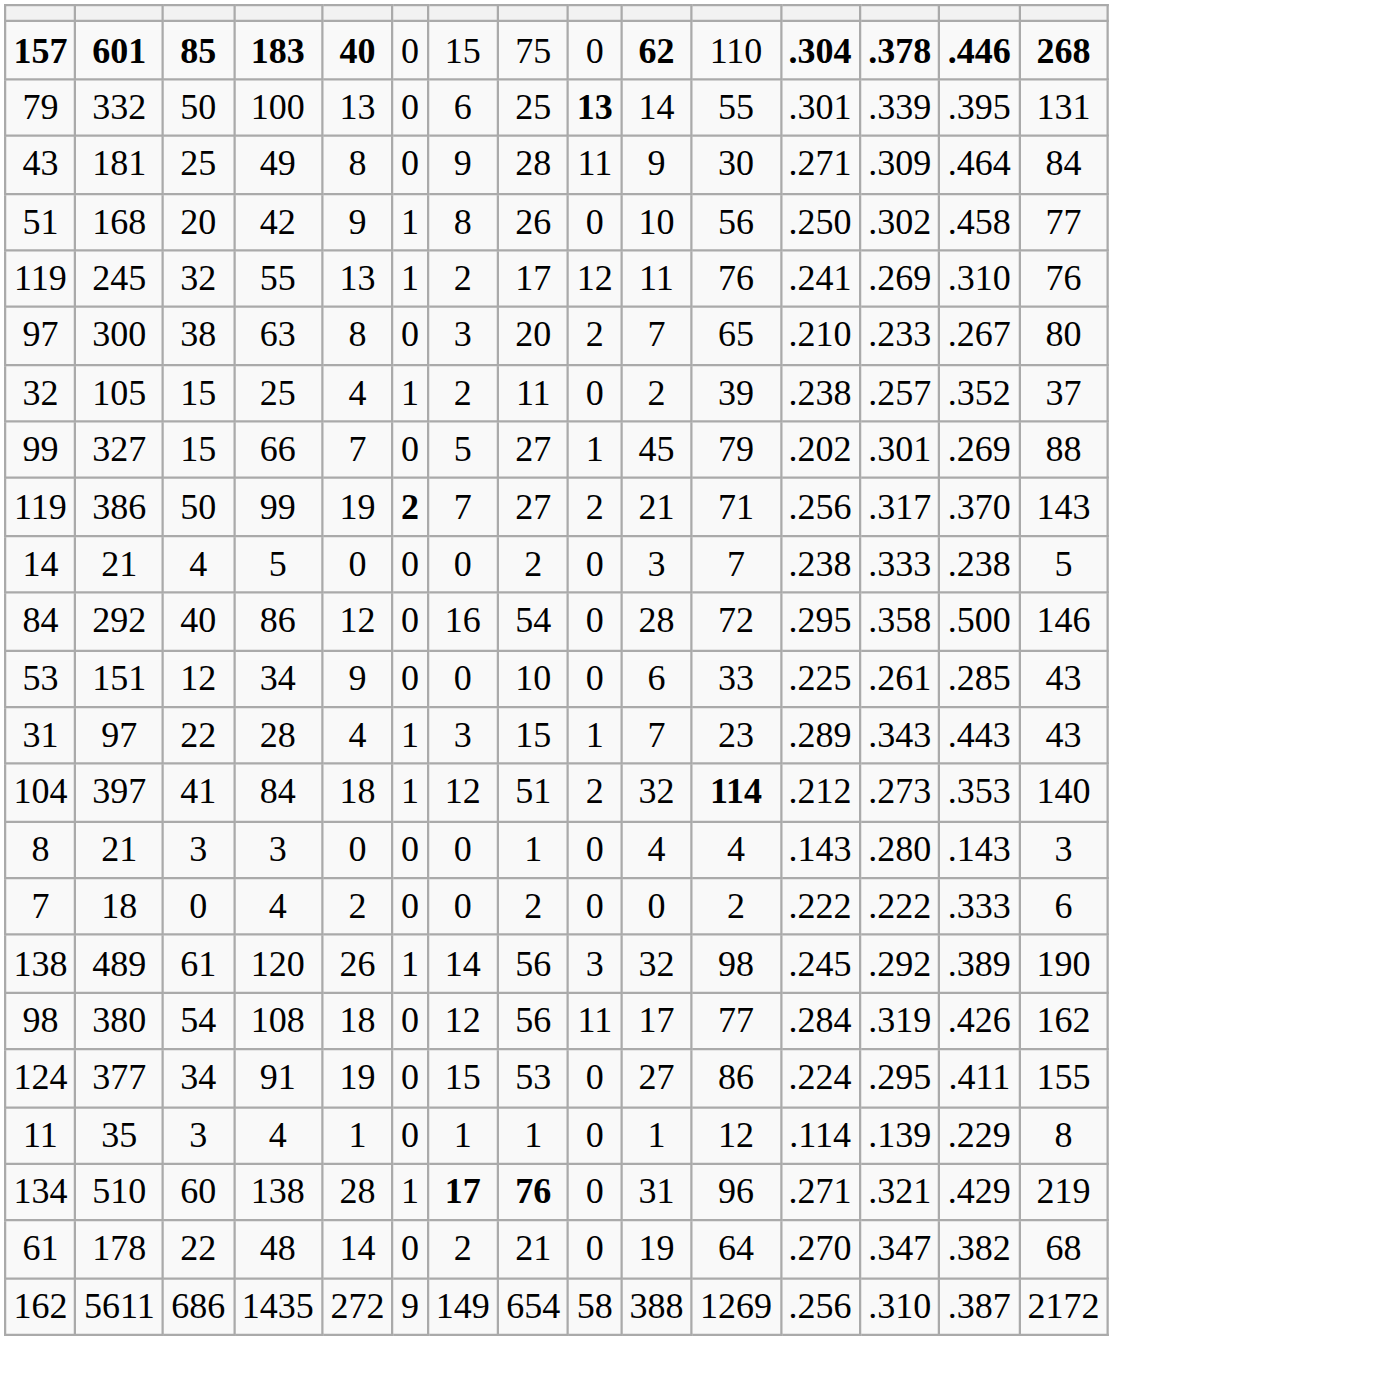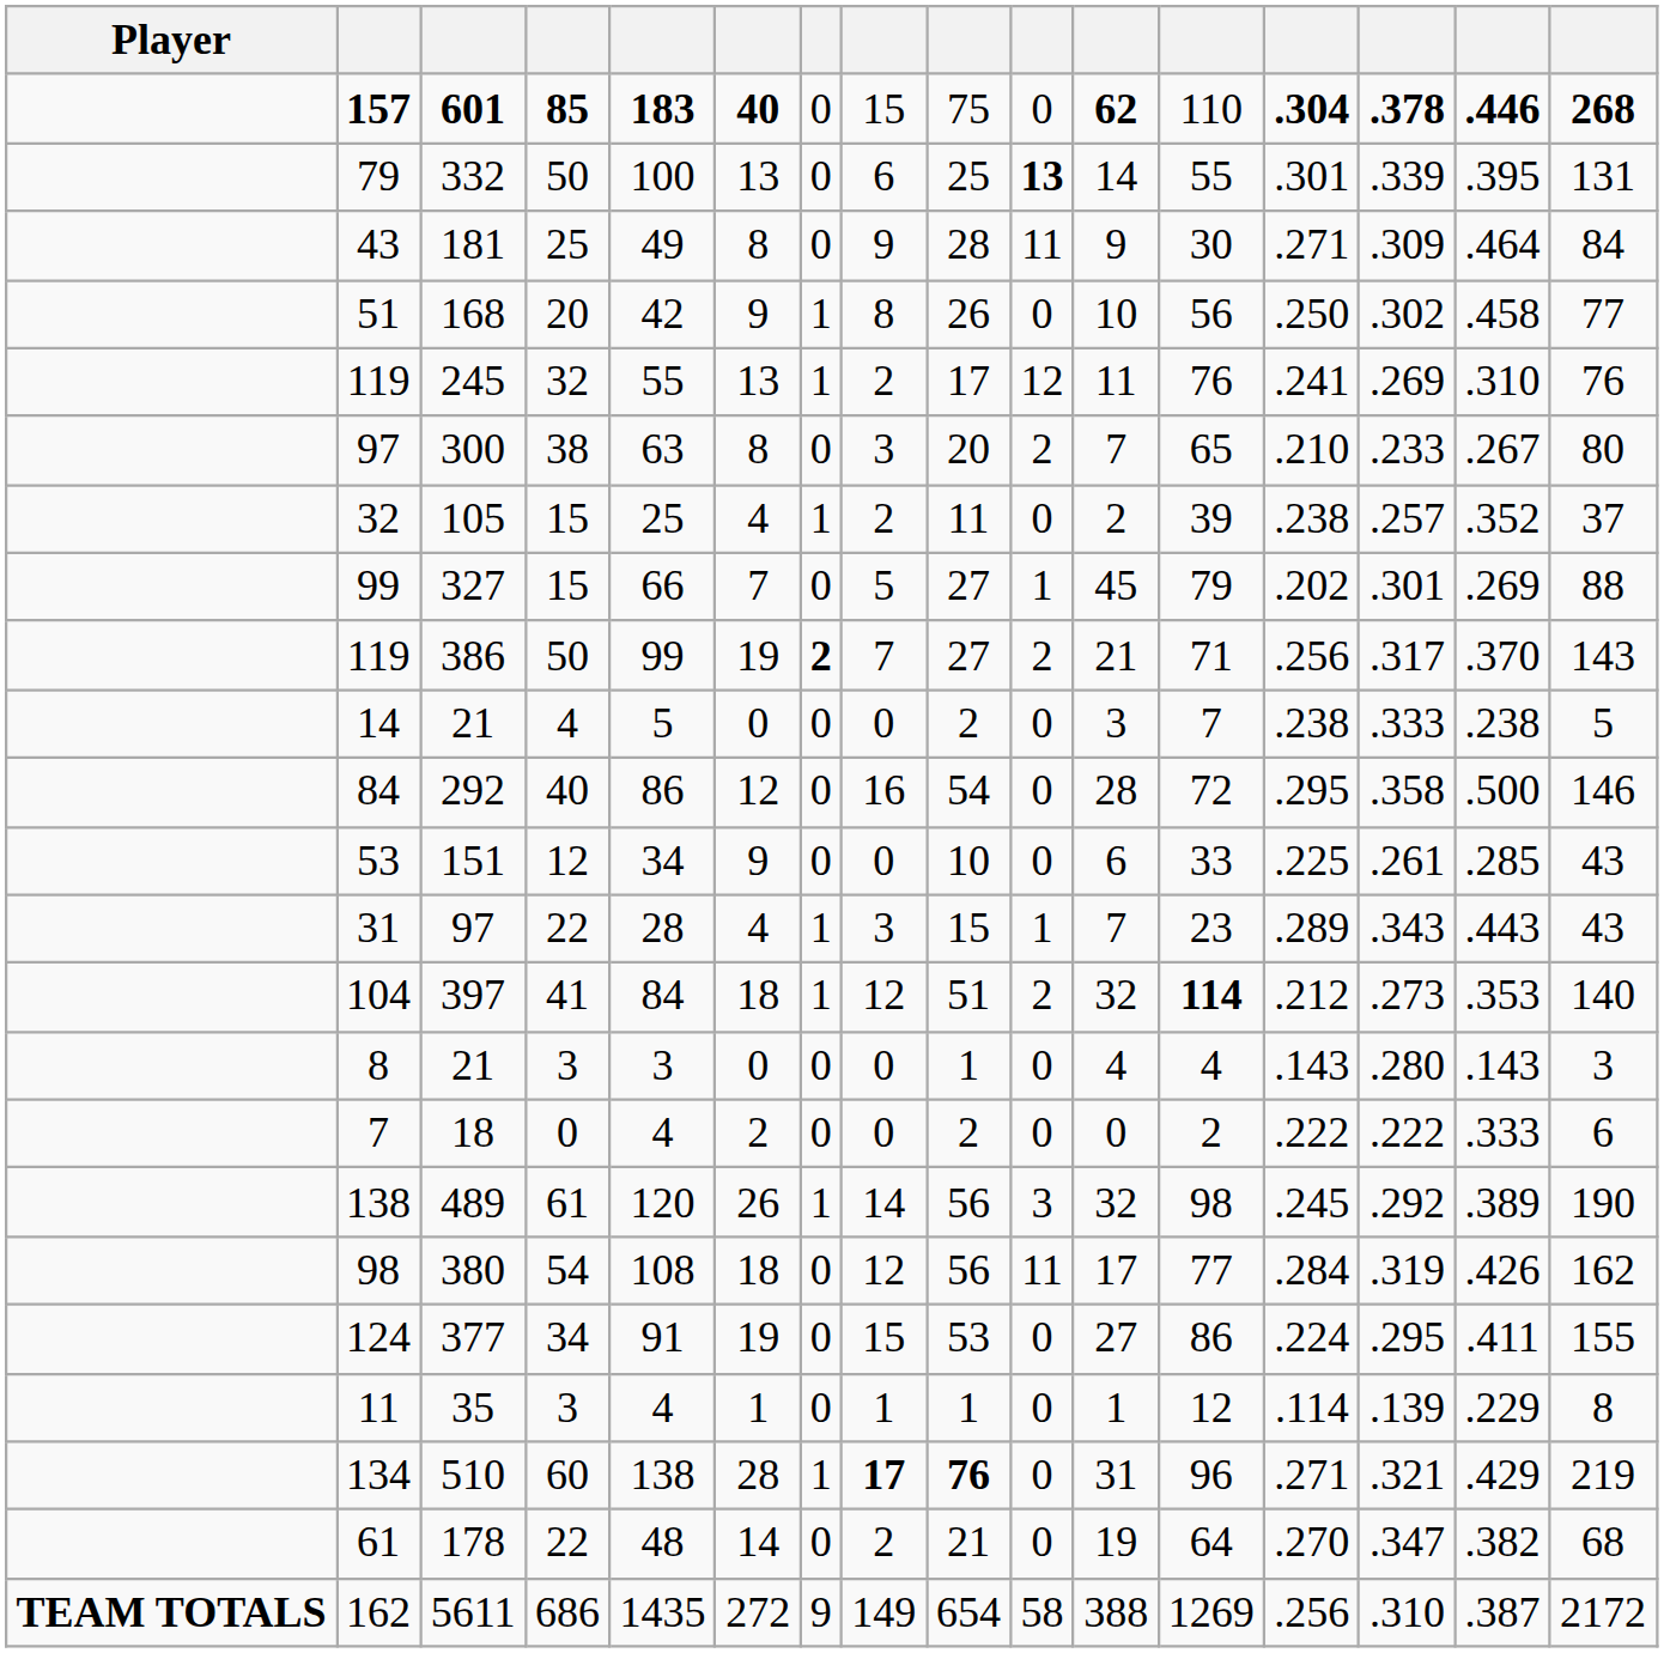 <table class="wikitable sortable" style="text-align:center;">
 <tr>
+<th>Player</th>
 <th></th>
 <th></th>
 <th></th>
 <th></th>
 <th></th>
 <th></th>
 <th></th>
 <th></th>
 <th></th>
 <th></th>
 <th></th>
 <th></th>
 <th></th>
 <th></th>
 <th></th>
 </tr>
 <tr>
+<td align=left></td>
 <td><strong>157</strong></td>
 <td><strong>601</strong></td>
 <td><strong>85</strong></td>
 <td><strong>183</strong></td>
 <td><strong>40</strong></td>
 <td>0</td>
 <td>15</td>
 <td>75</td>
 <td>0</td>
 <td><strong>62</strong></td>
 <td>110</td>
 <td><strong>.304</strong></td>
 <td><strong>.378</strong></td>
 <td><strong>.446</strong></td>
 <td><strong>268</strong></td>
 </tr>
 <tr>
+<td align=left></td>
 <td>79</td>
 <td>332</td>
 <td>50</td>
 <td>100</td>
 <td>13</td>
 <td>0</td>
 <td>6</td>
 <td>25</td>
 <td><strong>13</strong></td>
 <td>14</td>
 <td>55</td>
 <td>.301</td>
 <td>.339</td>
 <td>.395</td>
 <td>131</td>
 </tr>
 <tr>
+<td align=left></td>
 <td>43</td>
 <td>181</td>
 <td>25</td>
 <td>49</td>
 <td>8</td>
 <td>0</td>
 <td>9</td>
 <td>28</td>
 <td>11</td>
 <td>9</td>
 <td>30</td>
 <td>.271</td>
 <td>.309</td>
 <td>.464</td>
 <td>84</td>
 </tr>
 <tr>
+<td align=left></td>
 <td>51</td>
 <td>168</td>
 <td>20</td>
 <td>42</td>
 <td>9</td>
 <td>1</td>
 <td>8</td>
 <td>26</td>
 <td>0</td>
 <td>10</td>
 <td>56</td>
 <td>.250</td>
 <td>.302</td>
 <td>.458</td>
 <td>77</td>
 </tr>
 <tr>
+<td align=left></td>
 <td>119</td>
 <td>245</td>
 <td>32</td>
 <td>55</td>
 <td>13</td>
 <td>1</td>
 <td>2</td>
 <td>17</td>
 <td>12</td>
 <td>11</td>
 <td>76</td>
 <td>.241</td>
 <td>.269</td>
 <td>.310</td>
 <td>76</td>
 </tr>
 <tr>
+<td align=left></td>
 <td>97</td>
 <td>300</td>
 <td>38</td>
 <td>63</td>
 <td>8</td>
 <td>0</td>
 <td>3</td>
 <td>20</td>
 <td>2</td>
 <td>7</td>
 <td>65</td>
 <td>.210</td>
 <td>.233</td>
 <td>.267</td>
 <td>80</td>
 </tr>
 <tr>
+<td align=left></td>
 <td>32</td>
 <td>105</td>
 <td>15</td>
 <td>25</td>
 <td>4</td>
 <td>1</td>
 <td>2</td>
 <td>11</td>
 <td>0</td>
 <td>2</td>
 <td>39</td>
 <td>.238</td>
 <td>.257</td>
 <td>.352</td>
 <td>37</td>
 </tr>
 <tr>
+<td align=left></td>
 <td>99</td>
 <td>327</td>
 <td>15</td>
 <td>66</td>
 <td>7</td>
 <td>0</td>
 <td>5</td>
 <td>27</td>
 <td>1</td>
 <td>45</td>
 <td>79</td>
 <td>.202</td>
 <td>.301</td>
 <td>.269</td>
 <td>88</td>
 </tr>
 <tr>
+<td align=left></td>
 <td>119</td>
 <td>386</td>
 <td>50</td>
 <td>99</td>
 <td>19</td>
 <td><strong>2</strong></td>
 <td>7</td>
 <td>27</td>
 <td>2</td>
 <td>21</td>
 <td>71</td>
 <td>.256</td>
 <td>.317</td>
 <td>.370</td>
 <td>143</td>
 </tr>
 <tr>
+<td align=left></td>
 <td>14</td>
 <td>21</td>
 <td>4</td>
 <td>5</td>
 <td>0</td>
 <td>0</td>
 <td>0</td>
 <td>2</td>
 <td>0</td>
 <td>3</td>
 <td>7</td>
 <td>.238</td>
 <td>.333</td>
 <td>.238</td>
 <td>5</td>
 </tr>
 <tr>
+<td align=left></td>
 <td>84</td>
 <td>292</td>
 <td>40</td>
 <td>86</td>
 <td>12</td>
 <td>0</td>
 <td>16</td>
 <td>54</td>
 <td>0</td>
 <td>28</td>
 <td>72</td>
 <td>.295</td>
 <td>.358</td>
 <td>.500</td>
 <td>146</td>
 </tr>
 <tr>
+<td align=left></td>
 <td>53</td>
 <td>151</td>
 <td>12</td>
 <td>34</td>
 <td>9</td>
 <td>0</td>
 <td>0</td>
 <td>10</td>
 <td>0</td>
 <td>6</td>
 <td>33</td>
 <td>.225</td>
 <td>.261</td>
 <td>.285</td>
 <td>43</td>
 </tr>
 <tr>
+<td align=left></td>
 <td>31</td>
 <td>97</td>
 <td>22</td>
 <td>28</td>
 <td>4</td>
 <td>1</td>
 <td>3</td>
 <td>15</td>
 <td>1</td>
 <td>7</td>
 <td>23</td>
 <td>.289</td>
 <td>.343</td>
 <td>.443</td>
 <td>43</td>
 </tr>
 <tr>
+<td align=left></td>
 <td>104</td>
 <td>397</td>
 <td>41</td>
 <td>84</td>
 <td>18</td>
 <td>1</td>
 <td>12</td>
 <td>51</td>
 <td>2</td>
 <td>32</td>
 <td><strong>114</strong></td>
 <td>.212</td>
 <td>.273</td>
 <td>.353</td>
 <td>140</td>
 </tr>
 <tr>
+<td align=left></td>
 <td>8</td>
 <td>21</td>
 <td>3</td>
 <td>3</td>
 <td>0</td>
 <td>0</td>
 <td>0</td>
 <td>1</td>
 <td>0</td>
 <td>4</td>
 <td>4</td>
 <td>.143</td>
 <td>.280</td>
 <td>.143</td>
 <td>3</td>
 </tr>
 <tr>
+<td align=left></td>
 <td>7</td>
 <td>18</td>
 <td>0</td>
 <td>4</td>
 <td>2</td>
 <td>0</td>
 <td>0</td>
 <td>2</td>
 <td>0</td>
 <td>0</td>
 <td>2</td>
 <td>.222</td>
 <td>.222</td>
 <td>.333</td>
 <td>6</td>
 </tr>
 <tr>
+<td align=left></td>
 <td>138</td>
 <td>489</td>
 <td>61</td>
 <td>120</td>
 <td>26</td>
 <td>1</td>
 <td>14</td>
 <td>56</td>
 <td>3</td>
 <td>32</td>
 <td>98</td>
 <td>.245</td>
 <td>.292</td>
 <td>.389</td>
 <td>190</td>
 </tr>
 <tr>
+<td align=left></td>
 <td>98</td>
 <td>380</td>
 <td>54</td>
 <td>108</td>
 <td>18</td>
 <td>0</td>
 <td>12</td>
 <td>56</td>
 <td>11</td>
 <td>17</td>
 <td>77</td>
 <td>.284</td>
 <td>.319</td>
 <td>.426</td>
 <td>162</td>
 </tr>
 <tr>
+<td align=left></td>
 <td>124</td>
 <td>377</td>
 <td>34</td>
 <td>91</td>
 <td>19</td>
 <td>0</td>
 <td>15</td>
 <td>53</td>
 <td>0</td>
 <td>27</td>
 <td>86</td>
 <td>.224</td>
 <td>.295</td>
 <td>.411</td>
 <td>155</td>
 </tr>
 <tr>
+<td align=left></td>
 <td>11</td>
 <td>35</td>
 <td>3</td>
 <td>4</td>
 <td>1</td>
 <td>0</td>
 <td>1</td>
 <td>1</td>
 <td>0</td>
 <td>1</td>
 <td>12</td>
 <td>.114</td>
 <td>.139</td>
 <td>.229</td>
 <td>8</td>
 </tr>
 <tr>
+<td align=left></td>
 <td>134</td>
 <td>510</td>
 <td>60</td>
 <td>138</td>
 <td>28</td>
 <td>1</td>
 <td><strong>17</strong></td>
 <td><strong>76</strong></td>
 <td>0</td>
 <td>31</td>
 <td>96</td>
 <td>.271</td>
 <td>.321</td>
 <td>.429</td>
 <td>219</td>
 </tr>
 <tr>
+<td align=left></td>
 <td>61</td>
 <td>178</td>
 <td>22</td>
 <td>48</td>
 <td>14</td>
 <td>0</td>
 <td>2</td>
 <td>21</td>
 <td>0</td>
 <td>19</td>
 <td>64</td>
 <td>.270</td>
 <td>.347</td>
 <td>.382</td>
 <td>68</td>
 </tr>
 <tr class="sortbottom">
+<td align="left"><strong>TEAM TOTALS</strong></td>
 <td>162</td>
 <td>5611</td>
 <td>686</td>
 <td>1435</td>
 <td>272</td>
 <td>9</td>
 <td>149</td>
 <td>654</td>
 <td>58</td>
 <td>388</td>
 <td>1269</td>
 <td>.256</td>
 <td>.310</td>
 <td>.387</td>
 <td>2172</td>
 </tr>
 </table>
